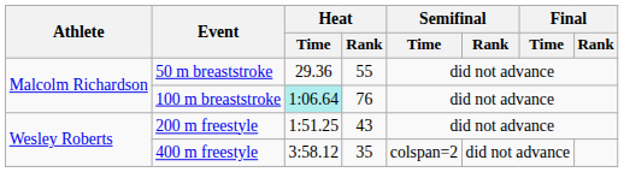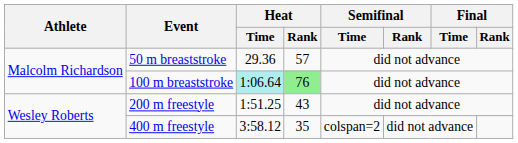 <table class="wikitable" style="text-align:center; font-size:90%">
 <tr>
 <th rowspan="2">Athlete</th>
 <th rowspan="2">Event</th>
 <th colspan="2">Heat</th>
 <th colspan="2">Semifinal</th>
 <th colspan="2">Final</th>
 </tr>
 <tr style="font-size:95%">
 <th>Time</th>
 <th>Rank</th>
 <th>Time</th>
 <th>Rank</th>
 <th>Time</th>
 <th>Rank</th>
 </tr>
 <tr>
 <td align=left rowspan=2><a href='#'>Malcolm Richardson</a></td>
 <td align=left><a href='#'>50 m breaststroke</a></td>
 <td>29.36</td>
-<td>55</td>
+<td>57</td>
 <td colspan=4>did not advance</td>
 </tr>
 <tr>
 <td align=left><a href='#'>100 m breaststroke</a></td>
 <td style="background: paleturquoise;">1:06.64</td>
-<td>76</td>
+<td style="background: lightgreen;">76</td>
 <td colspan=4>did not advance</td>
 </tr>
 <tr>
 <td align=left rowspan=2><a href='#'>Wesley Roberts</a></td>
 <td align=left><a href='#'>200 m freestyle</a></td>
 <td>1:51.25</td>
 <td>43</td>
 <td colspan=4>did not advance</td>
 </tr>
 <tr>
 <td align=left><a href='#'>400 m freestyle</a></td>
 <td>3:58.12</td>
 <td>35</td>
 <td>colspan=2 </td>
 <td colspan=2>did not advance</td>
 </tr>
 </table>
